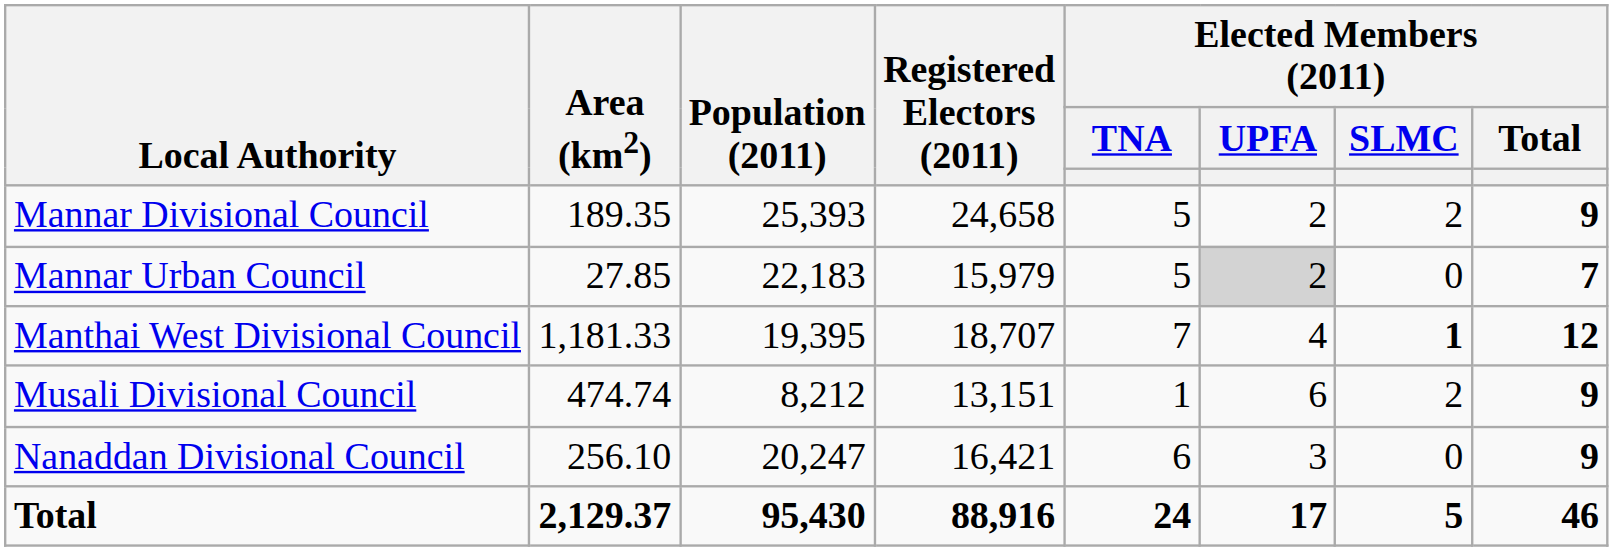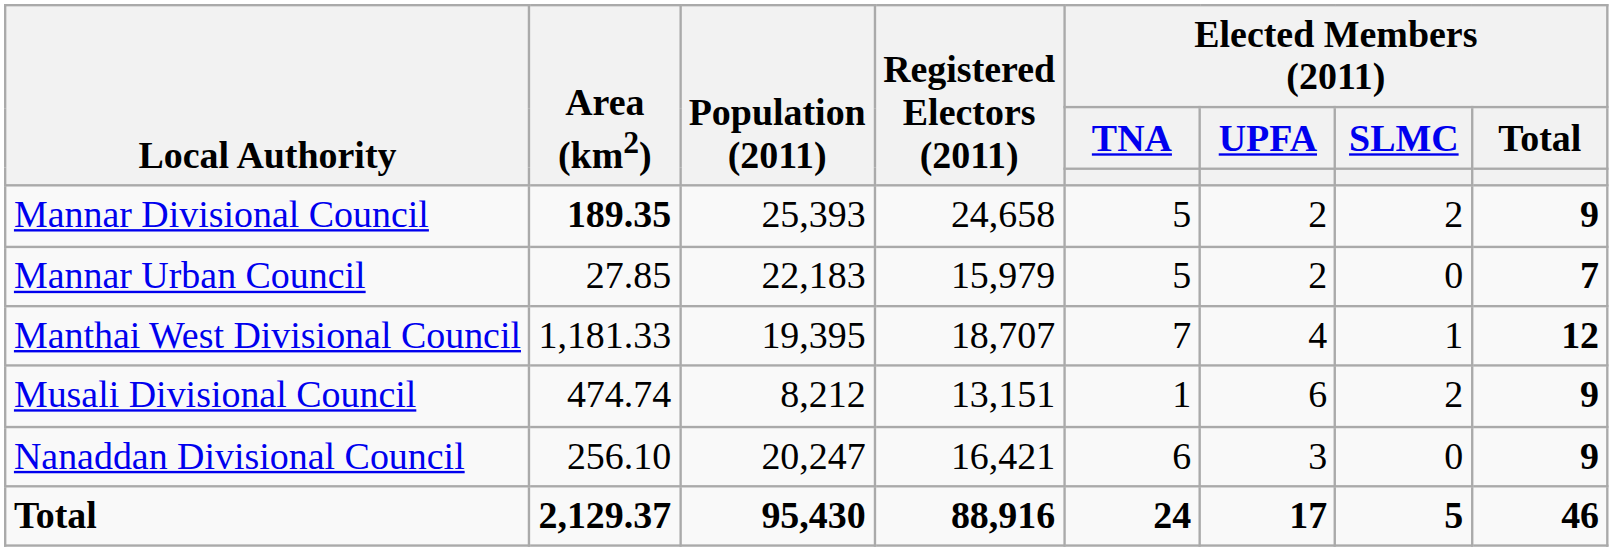 <table class="wikitable" border="1" style="text-align:right;">
 <tr>
 <th style="vertical-align:bottom;" rowspan=3>Local Authority</th>
 <th style="vertical-align:bottom;" rowspan=3>Area<br>(km<sup>2</sup>)<br></th>
 <th style="vertical-align:bottom;" rowspan=3>Population<br>(2011)<br></th>
 <th style="vertical-align:bottom;" rowspan=3>Registered<br>Electors<br>(2011)</th>
 <th colspan=4>Elected Members<br>(2011)</th>
 </tr>
 <tr>
 <th style="width:50px;"><a href='#'>TNA</a></th>
 <th style="width:50px;"><a href='#'>UPFA</a></th>
 <th style="width:50px;"><a href='#'>SLMC</a></th>
 <th style="width:50px;">Total</th>
 </tr>
 <tr>
 <th style="background:"></th>
 <th style="background:"></th>
 <th style="background:"></th>
 <th></th>
 </tr>
 <tr>
 <td align=left><a href='#'>Mannar Divisional Council</a></td>
-<td>189.35</td>
+<td><strong>189.35</strong></td>
 <td>25,393</td>
 <td>24,658</td>
 <td>5</td>
 <td>2</td>
 <td>2</td>
 <td><strong>9</strong></td>
 </tr>
 <tr>
 <td align=left><a href='#'>Mannar Urban Council</a></td>
 <td>27.85</td>
 <td>22,183</td>
 <td>15,979</td>
 <td>5</td>
-<td style="background: lightgrey;">2</td>
+<td>2</td>
 <td>0</td>
 <td><strong>7</strong></td>
 </tr>
 <tr>
 <td align=left><a href='#'>Manthai West Divisional Council</a></td>
 <td>1,181.33</td>
 <td>19,395</td>
 <td>18,707</td>
 <td>7</td>
 <td>4</td>
-<td><strong>1</strong></td>
+<td>1</td>
 <td><strong>12</strong></td>
 </tr>
 <tr>
 <td align=left><a href='#'>Musali Divisional Council</a></td>
 <td>474.74</td>
 <td>8,212</td>
 <td>13,151</td>
 <td>1</td>
 <td>6</td>
 <td>2</td>
 <td><strong>9</strong></td>
 </tr>
 <tr>
 <td align=left><a href='#'>Nanaddan Divisional Council</a></td>
 <td>256.10</td>
 <td>20,247</td>
 <td>16,421</td>
 <td>6</td>
 <td>3</td>
 <td>0</td>
 <td><strong>9</strong></td>
 </tr>
 <tr style="font-weight:bold">
 <td align=left>Total</td>
 <td>2,129.37</td>
 <td>95,430</td>
 <td>88,916</td>
 <td>24</td>
 <td>17</td>
 <td>5</td>
 <td>46</td>
 </tr>
 </table>
